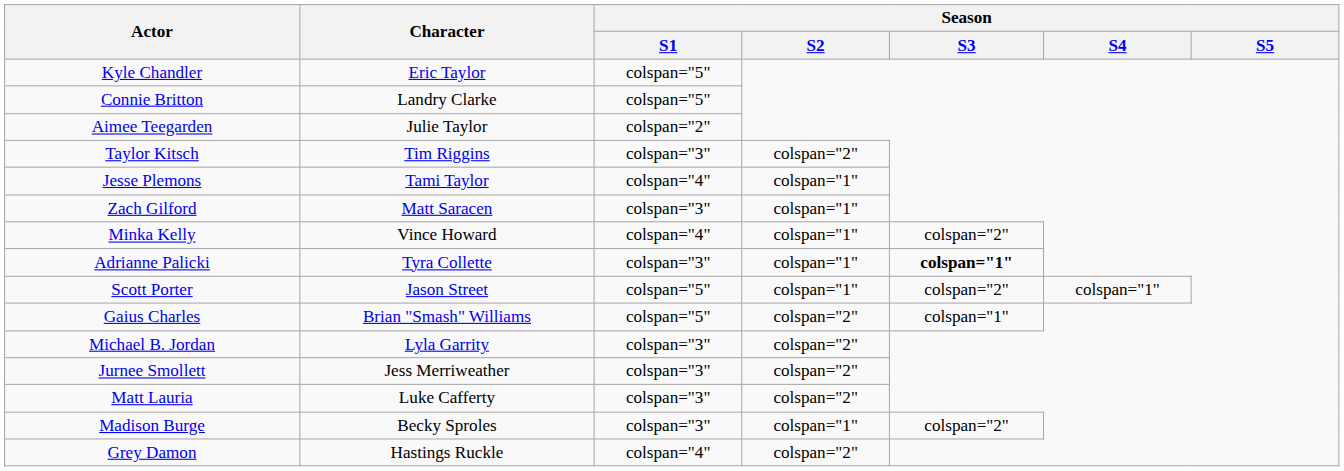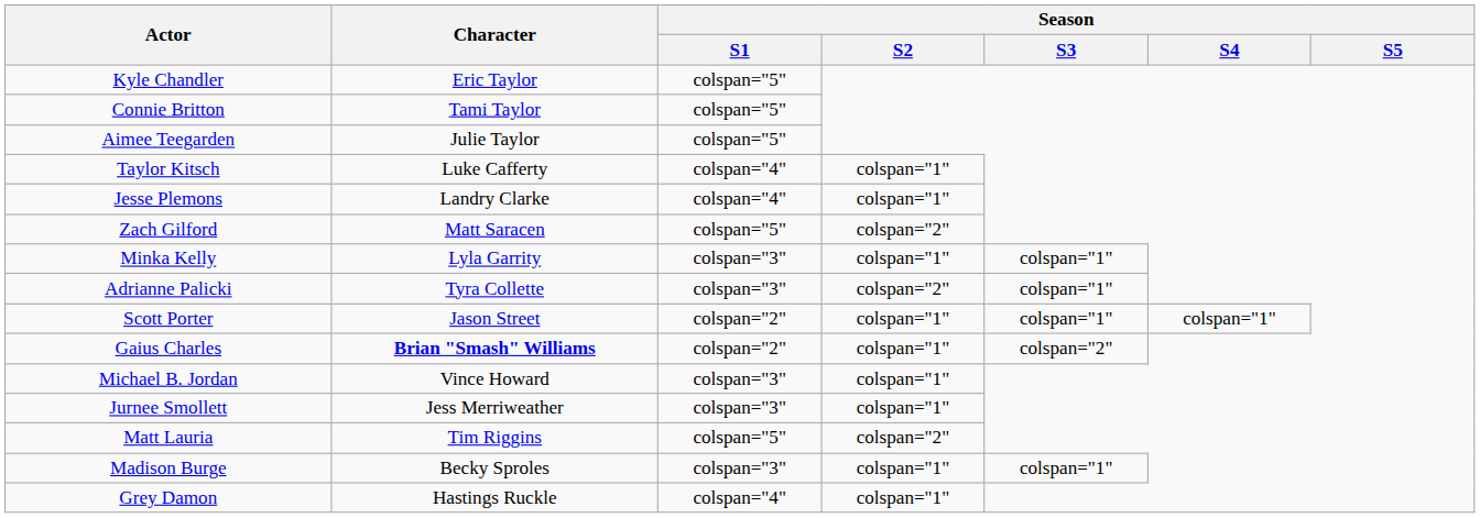 <table class="wikitable plainrowheaders" style="text-align:center">
 <tr>
 <th rowspan="2" width="14%" scope="col">Actor</th>
 <th rowspan="2" width="14%" scope="col">Character</th>
 <th colspan="5">Season</th>
 </tr>
 <tr>
 <th width="7%" scope="col"><a href='#'>S1</a></th>
 <th width="7%" scope="col"><a href='#'>S2</a></th>
 <th width="7%" scope="col"><a href='#'>S3</a></th>
 <th width="7%" scope="col"><a href='#'>S4</a></th>
 <th width="7%" scope="col"><a href='#'>S5</a></th>
 </tr>
 <tr>
 <td><a href='#'>Kyle Chandler</a></td>
 <td><a href='#'>Eric Taylor</a></td>
 <td>colspan="5" </td>
 </tr>
 <tr>
 <td><a href='#'>Connie Britton</a></td>
-<td>Landry Clarke</td>
+<td><a href='#'>Tami Taylor</a></td>
 <td>colspan="5" </td>
 </tr>
 <tr>
 <td><a href='#'>Aimee Teegarden</a></td>
 <td>Julie Taylor</td>
-<td>colspan="2" </td>
+<td>colspan="5" </td>
 </tr>
 <tr>
 <td><a href='#'>Taylor Kitsch</a></td>
-<td><a href='#'>Tim Riggins</a></td>
-<td>colspan="3" </td>
-<td>colspan="2" </td>
+<td>Luke Cafferty</td>
+<td>colspan="4" </td>
+<td>colspan="1" </td>
 </tr>
 <tr>
 <td><a href='#'>Jesse Plemons</a></td>
-<td><a href='#'>Tami Taylor</a></td>
+<td>Landry Clarke</td>
 <td>colspan="4" </td>
 <td>colspan="1" </td>
 </tr>
 <tr>
 <td><a href='#'>Zach Gilford</a></td>
 <td><a href='#'>Matt Saracen</a></td>
-<td>colspan="3" </td>
-<td>colspan="1" </td>
+<td>colspan="5" </td>
+<td>colspan="2" </td>
 </tr>
 <tr>
 <td><a href='#'>Minka Kelly</a></td>
-<td>Vince Howard</td>
-<td>colspan="4" </td>
+<td><a href='#'>Lyla Garrity</a></td>
+<td>colspan="3" </td>
 <td>colspan="1" </td>
-<td>colspan="2" </td>
+<td>colspan="1" </td>
 </tr>
 <tr>
 <td><a href='#'>Adrianne Palicki</a></td>
 <td><a href='#'>Tyra Collette</a></td>
 <td>colspan="3" </td>
+<td>colspan="2" </td>
 <td>colspan="1" </td>
-<td><strong>colspan="1" </strong></td>
 </tr>
 <tr>
 <td><a href='#'>Scott Porter</a></td>
 <td><a href='#'>Jason Street</a></td>
-<td>colspan="5" </td>
+<td>colspan="2" </td>
 <td>colspan="1" </td>
-<td>colspan="2" </td>
+<td>colspan="1" </td>
 <td>colspan="1" </td>
 </tr>
 <tr>
 <td><a href='#'>Gaius Charles</a></td>
-<td><a href='#'>Brian "Smash" Williams</a></td>
-<td>colspan="5" </td>
+<td><strong><a href='#'>Brian "Smash" Williams</a></strong></td>
 <td>colspan="2" </td>
 <td>colspan="1" </td>
+<td>colspan="2" </td>
 </tr>
 <tr>
 <td><a href='#'>Michael B. Jordan</a></td>
-<td><a href='#'>Lyla Garrity</a></td>
+<td>Vince Howard</td>
 <td>colspan="3" </td>
-<td>colspan="2" </td>
+<td>colspan="1" </td>
 </tr>
 <tr>
 <td><a href='#'>Jurnee Smollett</a></td>
 <td>Jess Merriweather</td>
 <td>colspan="3" </td>
-<td>colspan="2" </td>
+<td>colspan="1" </td>
 </tr>
 <tr>
 <td><a href='#'>Matt Lauria</a></td>
-<td>Luke Cafferty</td>
-<td>colspan="3" </td>
+<td><a href='#'>Tim Riggins</a></td>
+<td>colspan="5" </td>
 <td>colspan="2" </td>
 </tr>
 <tr>
 <td><a href='#'>Madison Burge</a></td>
 <td>Becky Sproles</td>
 <td>colspan="3" </td>
 <td>colspan="1" </td>
-<td>colspan="2" </td>
+<td>colspan="1" </td>
 </tr>
 <tr>
 <td><a href='#'>Grey Damon</a></td>
 <td>Hastings Ruckle</td>
 <td>colspan="4" </td>
-<td>colspan="2" </td>
+<td>colspan="1" </td>
 </tr>
 </table>
